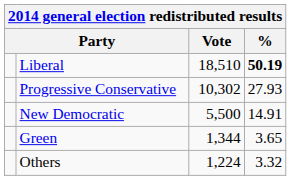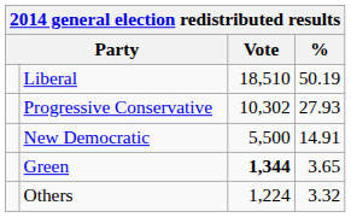 <table class="wikitable">
 <tr>
 <th colspan="4"><a href='#'>2014 general election</a> redistributed results</th>
 </tr>
 <tr>
 <th bgcolor="#DDDDFF" width="130px" colspan="2">Party</th>
 <th bgcolor="#DDDDFF" width="50px">Vote</th>
 <th bgcolor="#DDDDFF" width="30px">%</th>
 </tr>
 <tr>
 <td> </td>
 <td><a href='#'>Liberal</a></td>
 <td align=right>18,510</td>
-<td align=right><strong>50.19</strong></td>
+<td align=right>50.19</td>
 </tr>
 <tr>
 <td> </td>
 <td><a href='#'>Progressive Conservative</a></td>
 <td align=right>10,302</td>
 <td align=right>27.93</td>
 </tr>
 <tr>
 <td> </td>
 <td><a href='#'>New Democratic</a></td>
 <td align=right>5,500</td>
 <td align=right>14.91</td>
 </tr>
 <tr>
 <td> </td>
 <td><a href='#'>Green</a></td>
-<td align=right>1,344</td>
+<td align=right><strong>1,344</strong></td>
 <td align=right>3.65</td>
 </tr>
 <tr>
 <td> </td>
 <td>Others</td>
 <td align=right>1,224</td>
 <td align=right>3.32</td>
 </tr>
 </table>
